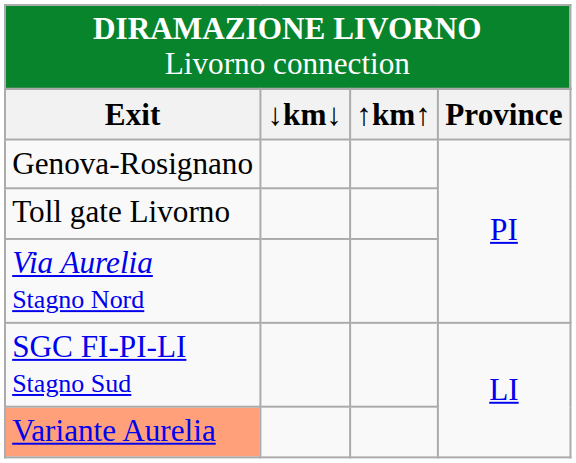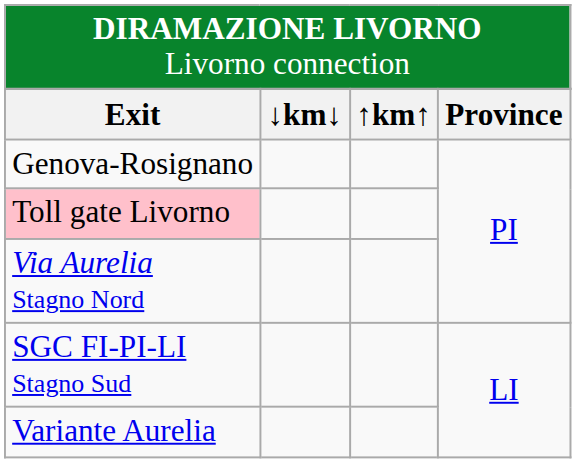 <table class="wikitable">
 <tr align="center" style="color: white;font-size:100%;" bgcolor="#08842c">
 <td colspan="6"><strong> DIRAMAZIONE LIVORNO</strong><br>Livorno connection</td>
 </tr>
 <tr>
 </tr>
 <tr>
 <th><strong>Exit</strong></th>
 <th align="center"><strong>↓km↓</strong></th>
 <th align="center"><strong>↑km↑</strong></th>
 <th align="center"><strong>Province</strong></th>
 </tr>
 <tr>
 <td>  Genova-Rosignano</td>
 <td align="right"></td>
 <td align="right"></td>
 <td align="center" rowspan=3><a href='#'>PI</a></td>
 </tr>
 <tr>
-<td> Toll gate Livorno</td>
+<td style="background: pink;"> Toll gate Livorno</td>
 <td align="right"></td>
 <td align="right"></td>
 </tr>
 <tr>
 <td>  <em><a href='#'>Via Aurelia</a></em><br><small><a href='#'>Stagno Nord</a></small></td>
 <td align="right"></td>
 <td align="right"></td>
 </tr>
 <tr |>
 <td>  <a href='#'>SGC FI-PI-LI</a><br><small><a href='#'>Stagno Sud</a></small></td>
 <td align="right"></td>
 <td align="right"></td>
 <td align="center" rowspan=2><a href='#'>LI</a></td>
 </tr>
 <tr>
-<td style="background: lightsalmon;">  <a href='#'>Variante Aurelia</a></td>
+<td>  <a href='#'>Variante Aurelia</a></td>
 <td align="right"></td>
 <td align="right"></td>
 </tr>
 </table>
